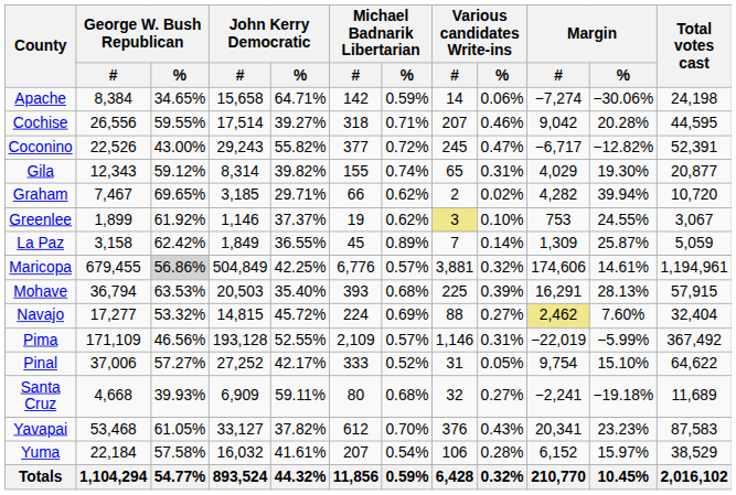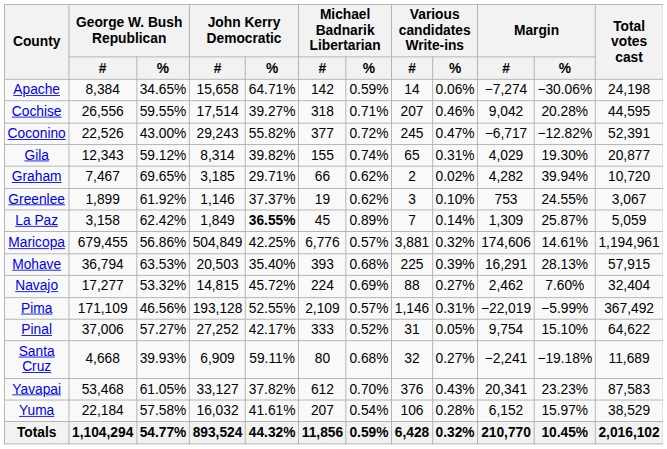 <table width="60%" class="wikitable sortable">
 <tr>
 <th style="text-align:center;" rowspan="2">County</th>
 <th style="text-align:center;" colspan="2">George W. Bush<br>Republican</th>
 <th style="text-align:center;" colspan="2">John Kerry<br>Democratic</th>
 <th colspan="2" style="text-align:center;">Michael Badnarik<br>Libertarian</th>
 <th colspan="2" style="text-align:center;">Various candidates<br>Write-ins</th>
 <th style="text-align:center;" colspan="2">Margin</th>
 <th style="text-align:center;" rowspan="2">Total votes cast</th>
 </tr>
 <tr>
 <th style="text-align:center;" data-sort-type="number">#</th>
 <th style="text-align:center;" data-sort-type="number">%</th>
 <th style="text-align:center;" data-sort-type="number">#</th>
 <th style="text-align:center;" data-sort-type="number">%</th>
 <th style="text-align:center;" data-sort-type="number">#</th>
 <th style="text-align:center;" data-sort-type="number">%</th>
 <th style="text-align:center;" data-sort-type="number">#</th>
 <th style="text-align:center;" data-sort-type="number">%</th>
 <th style="text-align:center;" data-sort-type="number">#</th>
 <th style="text-align:center;" data-sort-type="number">%</th>
 </tr>
 <tr style="text-align:center;">
 <td><a href='#'>Apache</a></td>
 <td>8,384</td>
 <td>34.65%</td>
 <td>15,658</td>
 <td>64.71%</td>
 <td>142</td>
 <td>0.59%</td>
 <td>14</td>
 <td>0.06%</td>
 <td>−7,274</td>
 <td>−30.06%</td>
 <td>24,198</td>
 </tr>
 <tr style="text-align:center;">
 <td><a href='#'>Cochise</a></td>
 <td>26,556</td>
 <td>59.55%</td>
 <td>17,514</td>
 <td>39.27%</td>
 <td>318</td>
 <td>0.71%</td>
 <td>207</td>
 <td>0.46%</td>
 <td>9,042</td>
 <td>20.28%</td>
 <td>44,595</td>
 </tr>
 <tr style="text-align:center;">
 <td><a href='#'>Coconino</a></td>
 <td>22,526</td>
 <td>43.00%</td>
 <td>29,243</td>
 <td>55.82%</td>
 <td>377</td>
 <td>0.72%</td>
 <td>245</td>
 <td>0.47%</td>
 <td>−6,717</td>
 <td>−12.82%</td>
 <td>52,391</td>
 </tr>
 <tr style="text-align:center;">
 <td><a href='#'>Gila</a></td>
 <td>12,343</td>
 <td>59.12%</td>
 <td>8,314</td>
 <td>39.82%</td>
 <td>155</td>
 <td>0.74%</td>
 <td>65</td>
 <td>0.31%</td>
 <td>4,029</td>
 <td>19.30%</td>
 <td>20,877</td>
 </tr>
 <tr style="text-align:center;">
 <td><a href='#'>Graham</a></td>
 <td>7,467</td>
 <td>69.65%</td>
 <td>3,185</td>
 <td>29.71%</td>
 <td>66</td>
 <td>0.62%</td>
 <td>2</td>
 <td>0.02%</td>
 <td>4,282</td>
 <td>39.94%</td>
 <td>10,720</td>
 </tr>
 <tr style="text-align:center;">
 <td><a href='#'>Greenlee</a></td>
 <td>1,899</td>
 <td>61.92%</td>
 <td>1,146</td>
 <td>37.37%</td>
 <td>19</td>
 <td>0.62%</td>
-<td style="background: khaki;">3</td>
+<td>3</td>
 <td>0.10%</td>
 <td>753</td>
 <td>24.55%</td>
 <td>3,067</td>
 </tr>
 <tr style="text-align:center;">
 <td><a href='#'>La Paz</a></td>
 <td>3,158</td>
 <td>62.42%</td>
 <td>1,849</td>
-<td>36.55%</td>
+<td><strong>36.55%</strong></td>
 <td>45</td>
 <td>0.89%</td>
 <td>7</td>
 <td>0.14%</td>
 <td>1,309</td>
 <td>25.87%</td>
 <td>5,059</td>
 </tr>
 <tr style="text-align:center;">
 <td><a href='#'>Maricopa</a></td>
 <td>679,455</td>
-<td style="background: lightgrey;">56.86%</td>
+<td>56.86%</td>
 <td>504,849</td>
 <td>42.25%</td>
 <td>6,776</td>
 <td>0.57%</td>
 <td>3,881</td>
 <td>0.32%</td>
 <td>174,606</td>
 <td>14.61%</td>
 <td>1,194,961</td>
 </tr>
 <tr style="text-align:center;">
 <td><a href='#'>Mohave</a></td>
 <td>36,794</td>
 <td>63.53%</td>
 <td>20,503</td>
 <td>35.40%</td>
 <td>393</td>
 <td>0.68%</td>
 <td>225</td>
 <td>0.39%</td>
 <td>16,291</td>
 <td>28.13%</td>
 <td>57,915</td>
 </tr>
 <tr style="text-align:center;">
 <td><a href='#'>Navajo</a></td>
 <td>17,277</td>
 <td>53.32%</td>
 <td>14,815</td>
 <td>45.72%</td>
 <td>224</td>
 <td>0.69%</td>
 <td>88</td>
 <td>0.27%</td>
-<td style="background: khaki;">2,462</td>
+<td>2,462</td>
 <td>7.60%</td>
 <td>32,404</td>
 </tr>
 <tr style="text-align:center;">
 <td><a href='#'>Pima</a></td>
 <td>171,109</td>
 <td>46.56%</td>
 <td>193,128</td>
 <td>52.55%</td>
 <td>2,109</td>
 <td>0.57%</td>
 <td>1,146</td>
 <td>0.31%</td>
 <td>−22,019</td>
 <td>−5.99%</td>
 <td>367,492</td>
 </tr>
 <tr style="text-align:center;">
 <td><a href='#'>Pinal</a></td>
 <td>37,006</td>
 <td>57.27%</td>
 <td>27,252</td>
 <td>42.17%</td>
 <td>333</td>
 <td>0.52%</td>
 <td>31</td>
 <td>0.05%</td>
 <td>9,754</td>
 <td>15.10%</td>
 <td>64,622</td>
 </tr>
 <tr style="text-align:center;">
 <td><a href='#'>Santa Cruz</a></td>
 <td>4,668</td>
 <td>39.93%</td>
 <td>6,909</td>
 <td>59.11%</td>
 <td>80</td>
 <td>0.68%</td>
 <td>32</td>
 <td>0.27%</td>
 <td>−2,241</td>
 <td>−19.18%</td>
 <td>11,689</td>
 </tr>
 <tr style="text-align:center;">
 <td><a href='#'>Yavapai</a></td>
 <td>53,468</td>
 <td>61.05%</td>
 <td>33,127</td>
 <td>37.82%</td>
 <td>612</td>
 <td>0.70%</td>
 <td>376</td>
 <td>0.43%</td>
 <td>20,341</td>
 <td>23.23%</td>
 <td>87,583</td>
 </tr>
 <tr style="text-align:center;">
 <td><a href='#'>Yuma</a></td>
 <td>22,184</td>
 <td>57.58%</td>
 <td>16,032</td>
 <td>41.61%</td>
 <td>207</td>
 <td>0.54%</td>
 <td>106</td>
 <td>0.28%</td>
 <td>6,152</td>
 <td>15.97%</td>
 <td>38,529</td>
 </tr>
 <tr style="text-align:center;">
 <th>Totals</th>
 <th>1,104,294</th>
 <th>54.77%</th>
 <th>893,524</th>
 <th>44.32%</th>
 <th>11,856</th>
 <th>0.59%</th>
 <th>6,428</th>
 <th>0.32%</th>
 <th>210,770</th>
 <th>10.45%</th>
 <th>2,016,102</th>
 </tr>
 </table>
